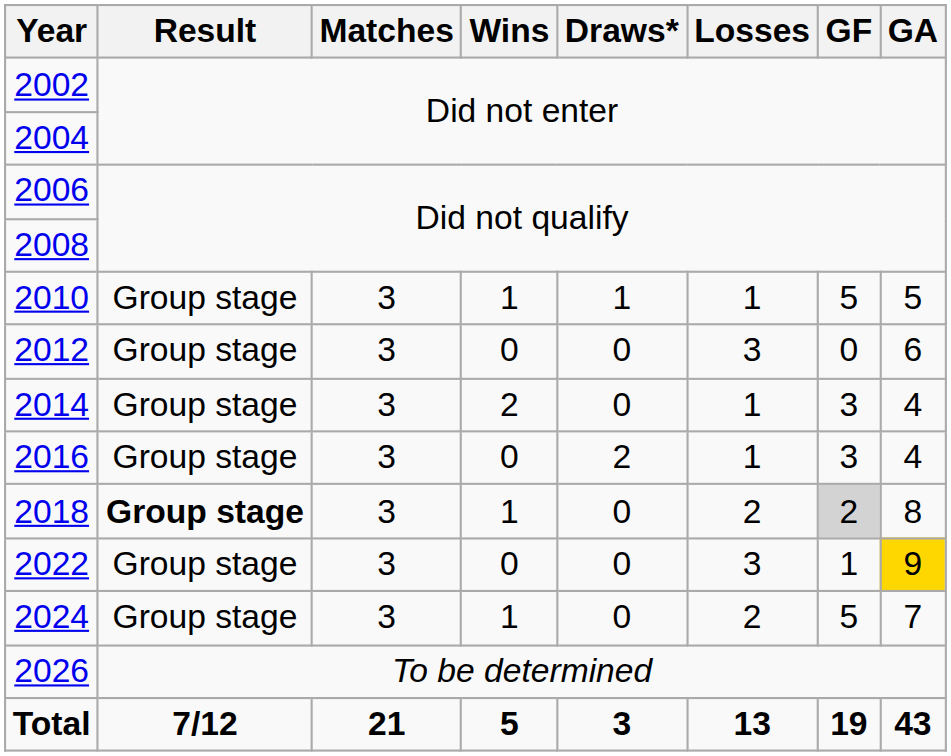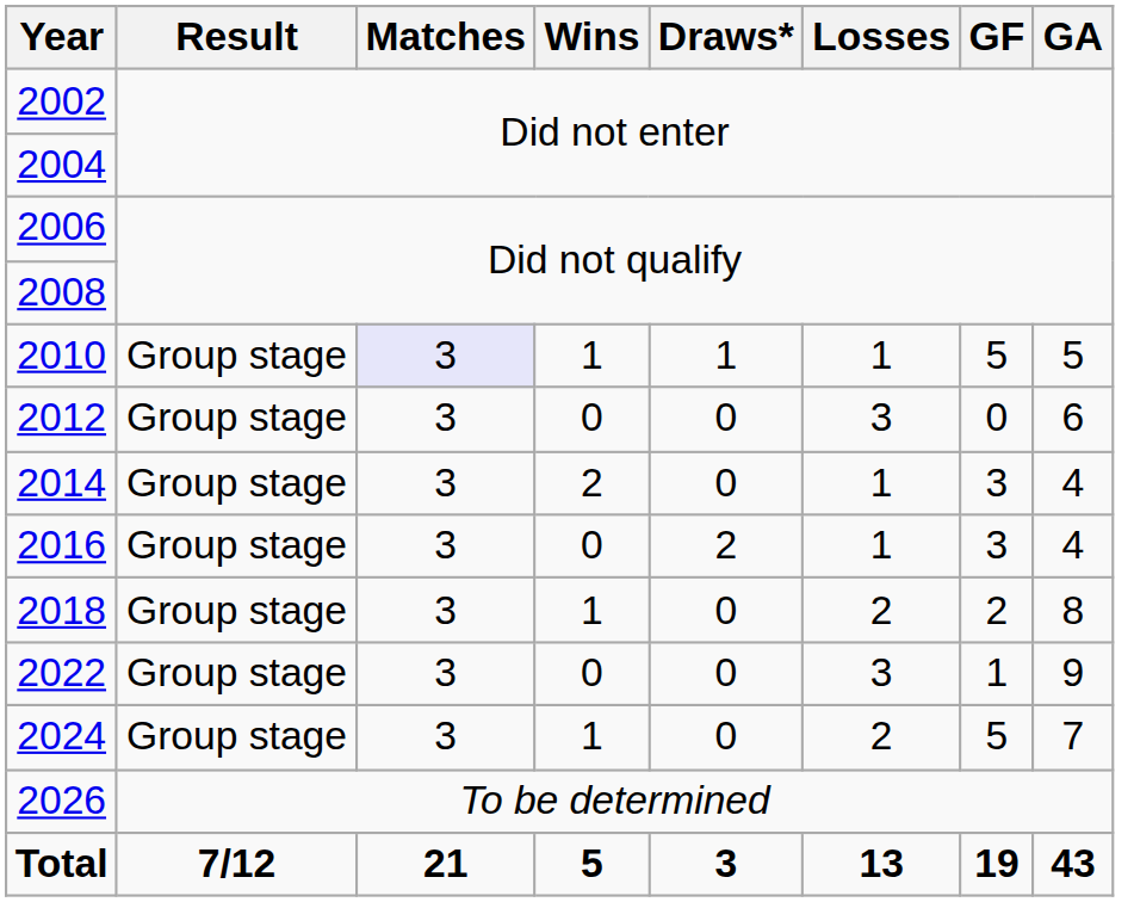 <table class="wikitable" style="text-align: center;">
 <tr>
 <th>Year</th>
 <th>Result</th>
 <th>Matches</th>
 <th>Wins</th>
 <th>Draws*</th>
 <th>Losses</th>
 <th>GF</th>
 <th>GA</th>
 </tr>
 <tr>
 <td> <a href='#'>2002</a></td>
 <td rowspan=2 colspan=7>Did not enter</td>
 </tr>
 <tr>
 <td> <a href='#'>2004</a></td>
 </tr>
 <tr>
 <td> <a href='#'>2006</a></td>
 <td rowspan=2 colspan=7>Did not qualify</td>
 </tr>
 <tr>
 <td> <a href='#'>2008</a></td>
 </tr>
 <tr>
 <td> <a href='#'>2010</a></td>
 <td>Group stage</td>
-<td>3</td>
+<td style="background: lavender;">3</td>
 <td>1</td>
 <td>1</td>
 <td>1</td>
 <td>5</td>
 <td>5</td>
 </tr>
 <tr>
 <td> <a href='#'>2012</a></td>
 <td>Group stage</td>
 <td>3</td>
 <td>0</td>
 <td>0</td>
 <td>3</td>
 <td>0</td>
 <td>6</td>
 </tr>
 <tr>
 <td> <a href='#'>2014</a></td>
 <td>Group stage</td>
 <td>3</td>
 <td>2</td>
 <td>0</td>
 <td>1</td>
 <td>3</td>
 <td>4</td>
 </tr>
 <tr>
 <td> <a href='#'>2016</a></td>
 <td>Group stage</td>
 <td>3</td>
 <td>0</td>
 <td>2</td>
 <td>1</td>
 <td>3</td>
 <td>4</td>
 </tr>
 <tr>
 <td> <a href='#'>2018</a></td>
-<td><strong>Group stage</strong></td>
+<td>Group stage</td>
 <td>3</td>
 <td>1</td>
 <td>0</td>
 <td>2</td>
-<td style="background: lightgrey;">2</td>
+<td>2</td>
 <td>8</td>
 </tr>
 <tr>
 <td> <a href='#'>2022</a></td>
 <td>Group stage</td>
 <td>3</td>
 <td>0</td>
 <td>0</td>
 <td>3</td>
 <td>1</td>
-<td style="background: gold;">9</td>
+<td>9</td>
 </tr>
 <tr>
 <td> <a href='#'>2024</a></td>
 <td>Group stage</td>
 <td>3</td>
 <td>1</td>
 <td>0</td>
 <td>2</td>
 <td>5</td>
 <td>7</td>
 </tr>
 <tr>
 <td> <a href='#'>2026</a></td>
 <td colspan=7><em>To be determined</em></td>
 </tr>
 <tr>
 <td><strong>Total</strong></td>
 <td><strong>7/12</strong></td>
 <td><strong>21</strong></td>
 <td><strong>5</strong></td>
 <td><strong>3</strong></td>
 <td><strong>13</strong></td>
 <td><strong>19</strong></td>
 <td><strong>43</strong></td>
 </tr>
 </table>
